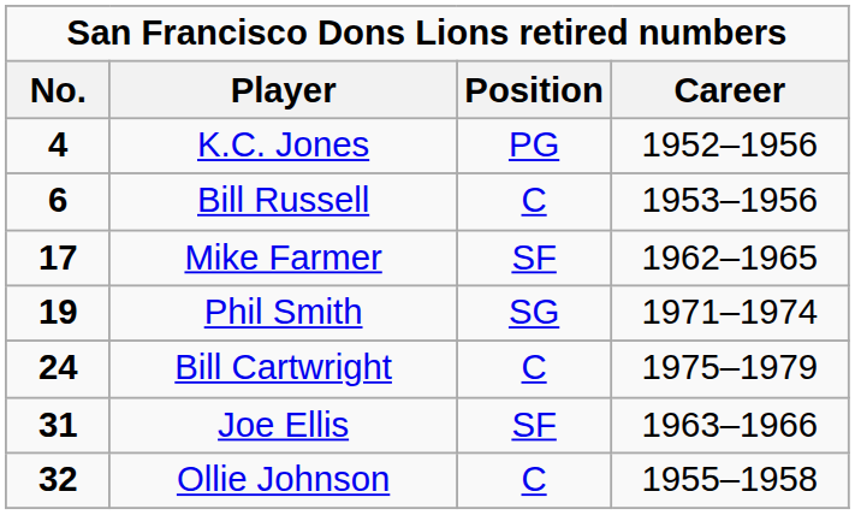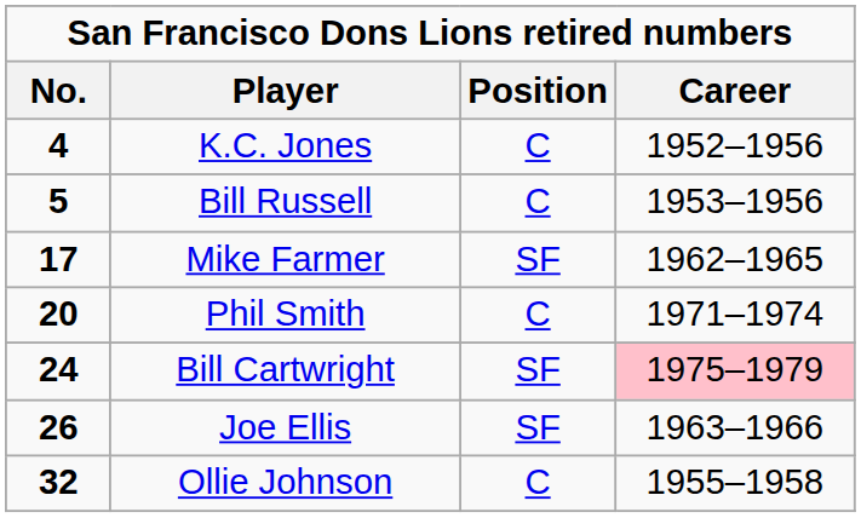 <table class="wikitable sortable" style="text-align:center">
 <tr>
 <td colspan="5"><strong>San Francisco Dons Lions retired numbers</strong></td>
 </tr>
 <tr>
 <th width=40px>No.</th>
 <th width=150px>Player</th>
 <th width=40px>Position</th>
 <th width=100px>Career</th>
 </tr>
 <tr>
 <td><strong>4</strong></td>
 <td><a href='#'>K.C. Jones</a></td>
-<td><a href='#'>PG</a></td>
+<td><a href='#'>C</a></td>
 <td>1952–1956</td>
 </tr>
 <tr>
-<td><strong>6</strong></td>
+<td><strong>5</strong></td>
 <td><a href='#'>Bill Russell</a></td>
 <td><a href='#'>C</a></td>
 <td>1953–1956</td>
 </tr>
 <tr>
 <td><strong>17</strong></td>
 <td><a href='#'>Mike Farmer</a></td>
 <td><a href='#'>SF</a></td>
 <td>1962–1965</td>
 </tr>
 <tr>
-<td><strong>19</strong></td>
+<td><strong>20</strong></td>
 <td><a href='#'>Phil Smith</a></td>
-<td><a href='#'>SG</a></td>
+<td><a href='#'>C</a></td>
 <td>1971–1974</td>
 </tr>
 <tr>
 <td><strong>24</strong></td>
 <td><a href='#'>Bill Cartwright</a></td>
-<td><a href='#'>C</a></td>
-<td>1975–1979</td>
+<td><a href='#'>SF</a></td>
+<td style="background: pink;">1975–1979</td>
 </tr>
 <tr>
-<td><strong>31</strong></td>
+<td><strong>26</strong></td>
 <td><a href='#'>Joe Ellis</a></td>
 <td><a href='#'>SF</a></td>
 <td>1963–1966</td>
 </tr>
 <tr>
 <td><strong>32</strong></td>
 <td><a href='#'>Ollie Johnson</a></td>
 <td><a href='#'>C</a></td>
 <td>1955–1958</td>
 </tr>
 </table>
